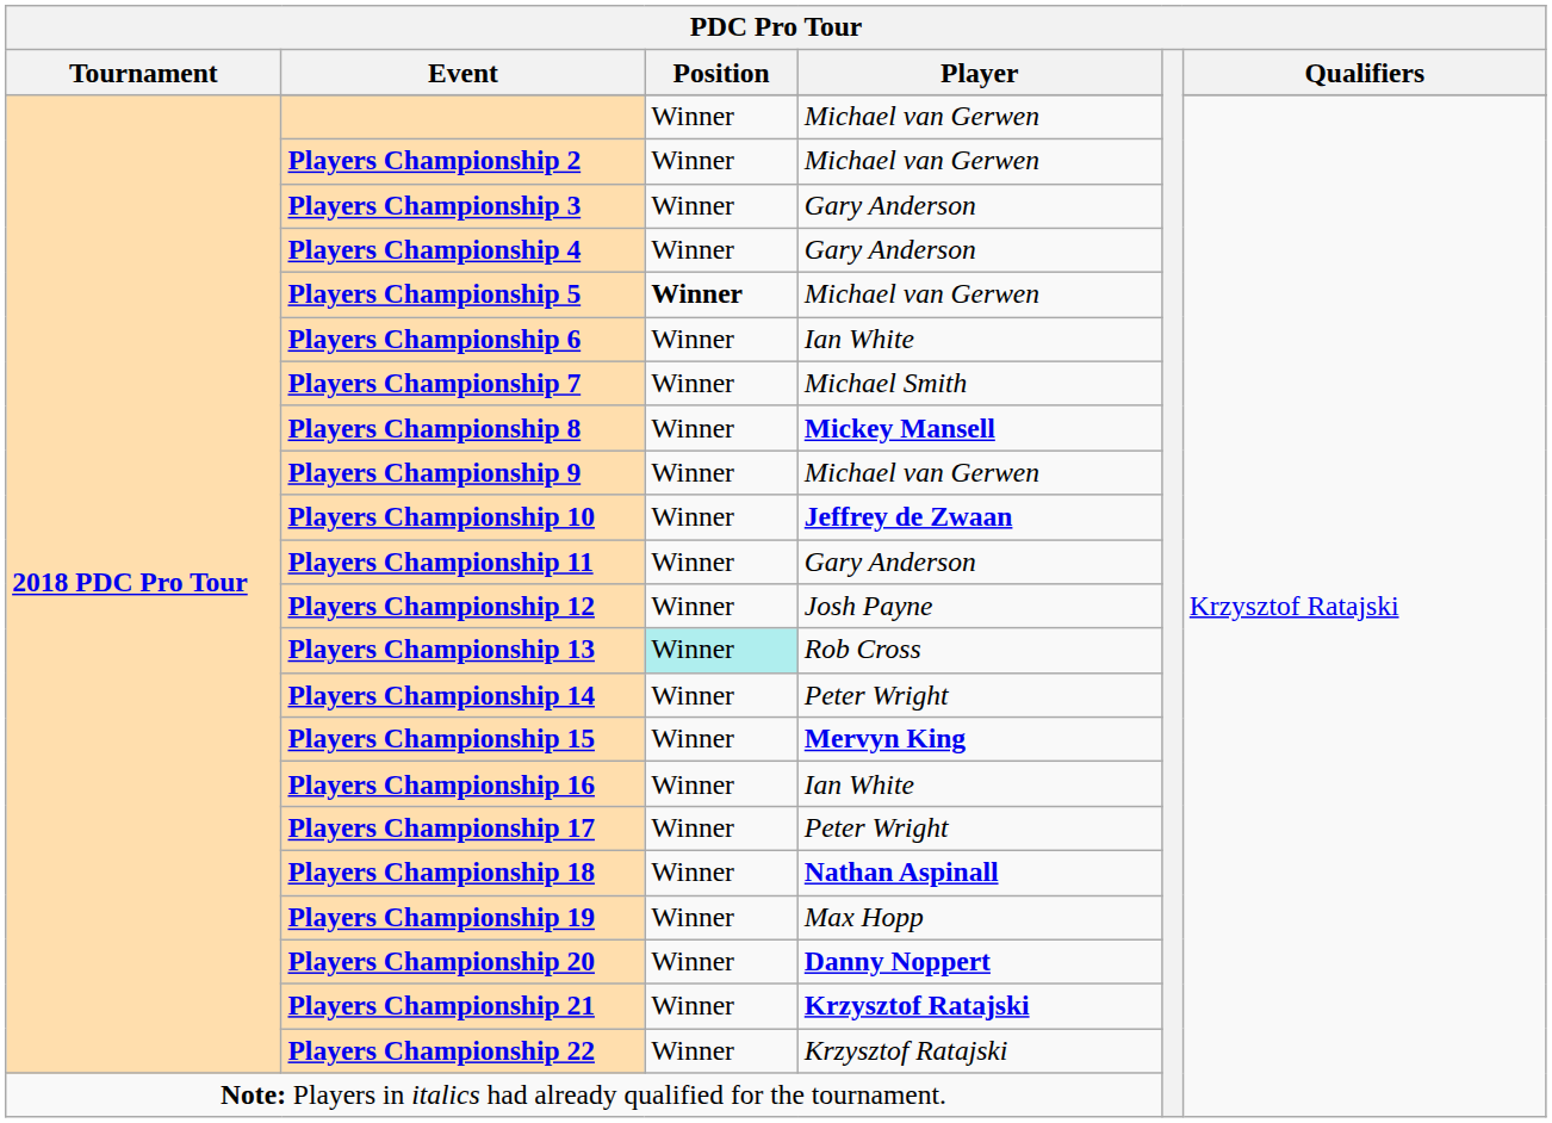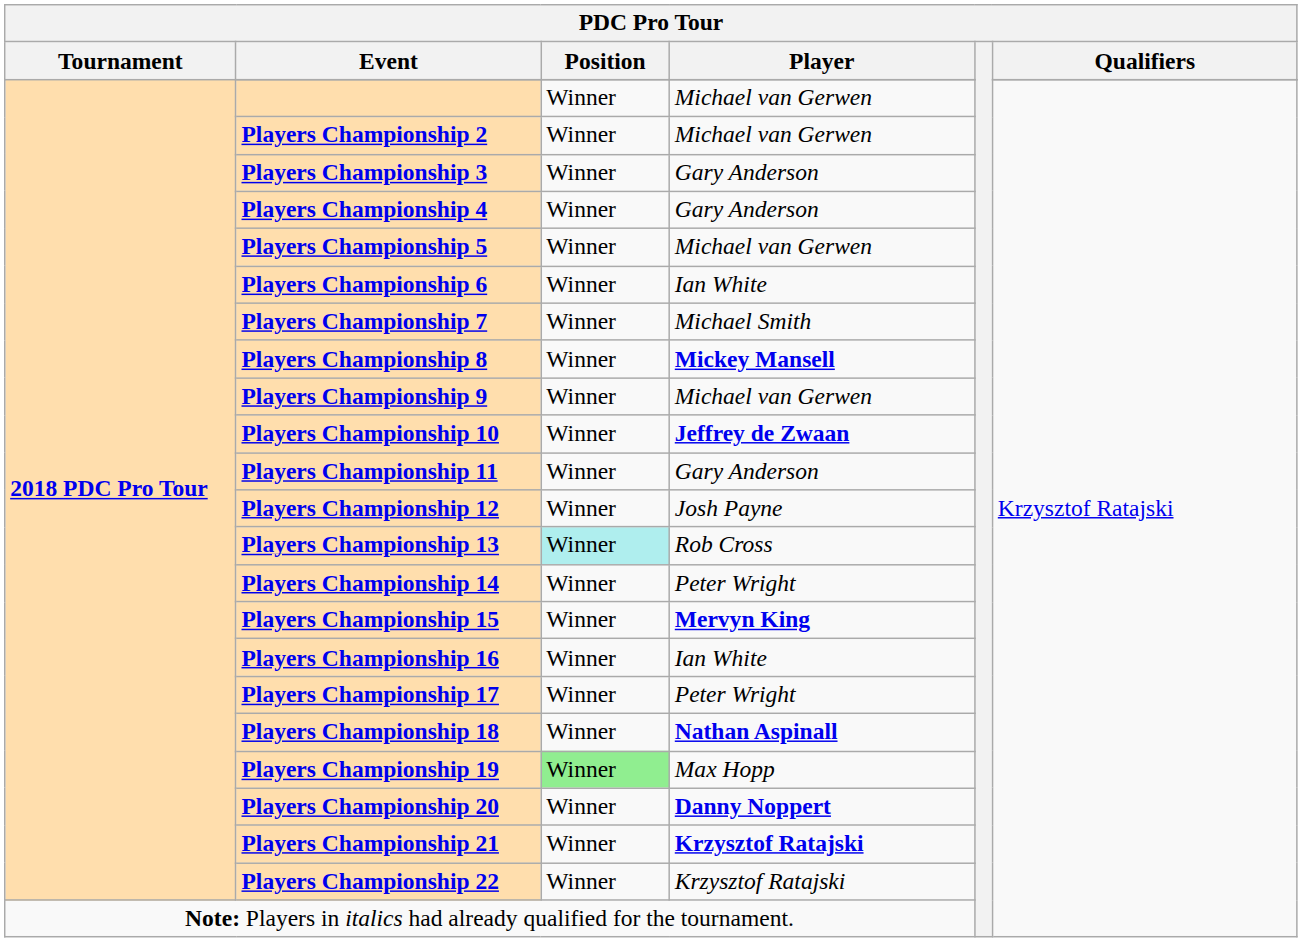 <table class="wikitable">
 <tr>
 <th colspan=6>PDC Pro Tour</th>
 </tr>
 <tr>
 <th width=150>Tournament</th>
 <th width=200>Event</th>
 <th width=80>Position</th>
 <th width=200>Player</th>
 <th rowspan=31 width=5></th>
 <th width=200>Qualifiers</th>
 </tr>
 <tr>
 <td rowspan=23 style="background:#ffdead;"><strong><a href='#'>2018 PDC Pro Tour</a></strong></td>
 </tr>
 <tr>
 <td style="background:#ffdead;"></td>
 <td>Winner</td>
 <td> <em>Michael van Gerwen</em></td>
 <td rowspan=23> <a href='#'>Krzysztof Ratajski</a></td>
 </tr>
 <tr>
 <td style="background:#ffdead;"><strong><a href='#'>Players Championship 2</a></strong></td>
 <td>Winner</td>
 <td> <em>Michael van Gerwen</em></td>
 </tr>
 <tr>
 <td style="background:#ffdead;"><strong><a href='#'>Players Championship 3</a></strong></td>
 <td>Winner</td>
 <td> <em>Gary Anderson</em></td>
 </tr>
 <tr>
 <td style="background:#ffdead;"><strong><a href='#'>Players Championship 4</a></strong></td>
 <td>Winner</td>
 <td> <em>Gary Anderson</em></td>
 </tr>
 <tr>
 <td style="background:#ffdead;"><strong><a href='#'>Players Championship 5</a></strong></td>
-<td><strong>Winner</strong></td>
+<td>Winner</td>
 <td> <em>Michael van Gerwen</em></td>
 </tr>
 <tr>
 <td style="background:#ffdead;"><strong><a href='#'>Players Championship 6</a></strong></td>
 <td>Winner</td>
 <td> <em>Ian White</em></td>
 </tr>
 <tr>
 <td style="background:#ffdead;"><strong><a href='#'>Players Championship 7</a></strong></td>
 <td>Winner</td>
 <td> <em>Michael Smith</em></td>
 </tr>
 <tr>
 <td style="background:#ffdead;"><strong><a href='#'>Players Championship 8</a></strong></td>
 <td>Winner</td>
 <td> <strong><a href='#'>Mickey Mansell</a></strong></td>
 </tr>
 <tr>
 <td style="background:#ffdead;"><strong><a href='#'>Players Championship 9</a></strong></td>
 <td>Winner</td>
 <td> <em>Michael van Gerwen</em></td>
 </tr>
 <tr>
 <td style="background:#ffdead;"><strong><a href='#'>Players Championship 10</a></strong></td>
 <td>Winner</td>
 <td> <strong><a href='#'>Jeffrey de Zwaan</a></strong></td>
 </tr>
 <tr>
 <td style="background:#ffdead;"><strong><a href='#'>Players Championship 11</a></strong></td>
 <td>Winner</td>
 <td> <em>Gary Anderson</em></td>
 </tr>
 <tr>
 <td style="background:#ffdead;"><strong><a href='#'>Players Championship 12</a></strong></td>
 <td>Winner</td>
 <td> <em>Josh Payne</em></td>
 </tr>
 <tr>
 <td style="background:#ffdead;"><strong><a href='#'>Players Championship 13</a></strong></td>
 <td style="background: paleturquoise;">Winner</td>
 <td> <em>Rob Cross</em></td>
 </tr>
 <tr>
 <td style="background:#ffdead;"><strong><a href='#'>Players Championship 14</a></strong></td>
 <td>Winner</td>
 <td> <em>Peter Wright</em></td>
 </tr>
 <tr>
 <td style="background:#ffdead;"><strong><a href='#'>Players Championship 15</a></strong></td>
 <td>Winner</td>
 <td> <strong><a href='#'>Mervyn King</a></strong></td>
 </tr>
 <tr>
 <td style="background:#ffdead;"><strong><a href='#'>Players Championship 16</a></strong></td>
 <td>Winner</td>
 <td> <em>Ian White</em></td>
 </tr>
 <tr>
 <td style="background:#ffdead;"><strong><a href='#'>Players Championship 17</a></strong></td>
 <td>Winner</td>
 <td> <em>Peter Wright</em></td>
 </tr>
 <tr>
 <td style="background:#ffdead;"><strong><a href='#'>Players Championship 18</a></strong></td>
 <td>Winner</td>
 <td> <strong><a href='#'>Nathan Aspinall</a></strong></td>
 </tr>
 <tr>
 <td style="background:#ffdead;"><strong><a href='#'>Players Championship 19</a></strong></td>
-<td>Winner</td>
+<td style="background: lightgreen;">Winner</td>
 <td> <em>Max Hopp</em></td>
 </tr>
 <tr>
 <td style="background:#ffdead;"><strong><a href='#'>Players Championship 20</a></strong></td>
 <td>Winner</td>
 <td> <strong><a href='#'>Danny Noppert</a></strong></td>
 </tr>
 <tr>
 <td style="background:#ffdead;"><strong><a href='#'>Players Championship 21</a></strong></td>
 <td>Winner</td>
 <td> <strong><a href='#'>Krzysztof Ratajski</a></strong></td>
 </tr>
 <tr>
 <td style="background:#ffdead;"><strong><a href='#'>Players Championship 22</a></strong></td>
 <td>Winner</td>
 <td> <em>Krzysztof Ratajski</em></td>
 </tr>
 <tr>
 <td colspan=4 align=center><strong>Note:</strong> Players in <em>italics</em> had already qualified for the tournament.</td>
 </tr>
 </table>
